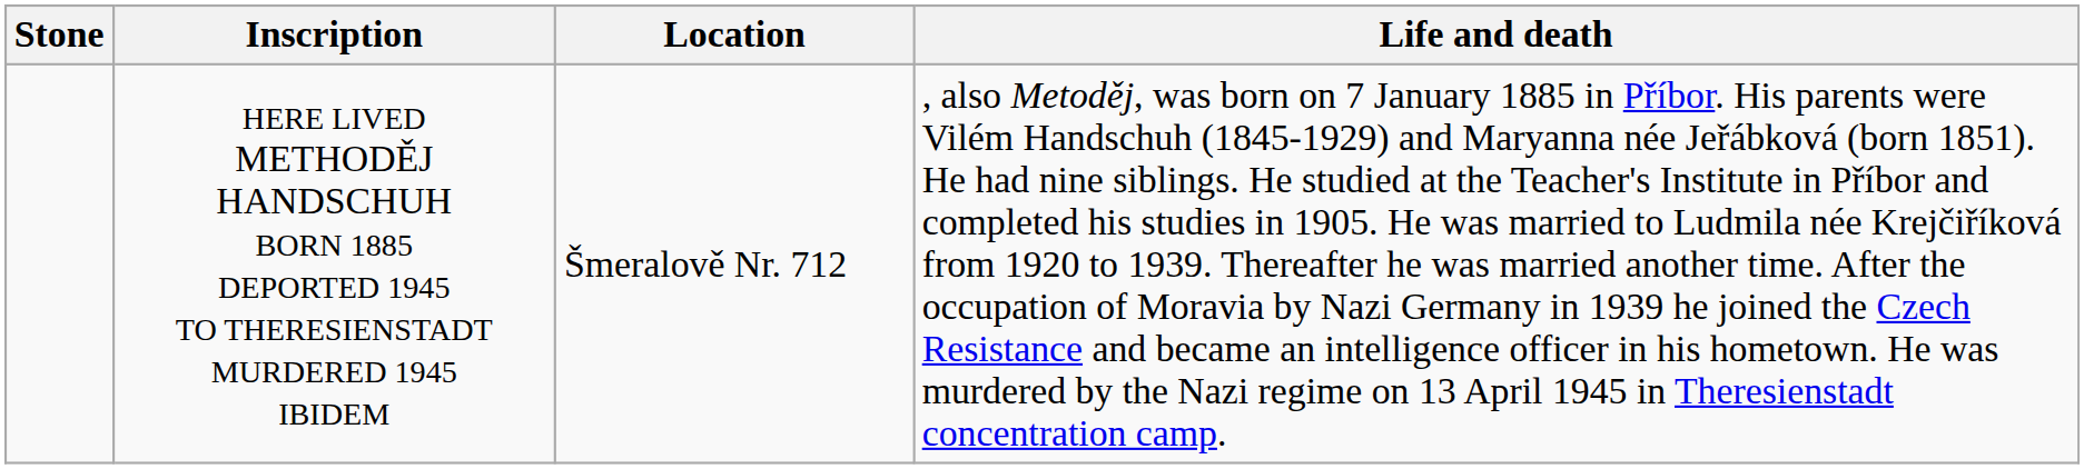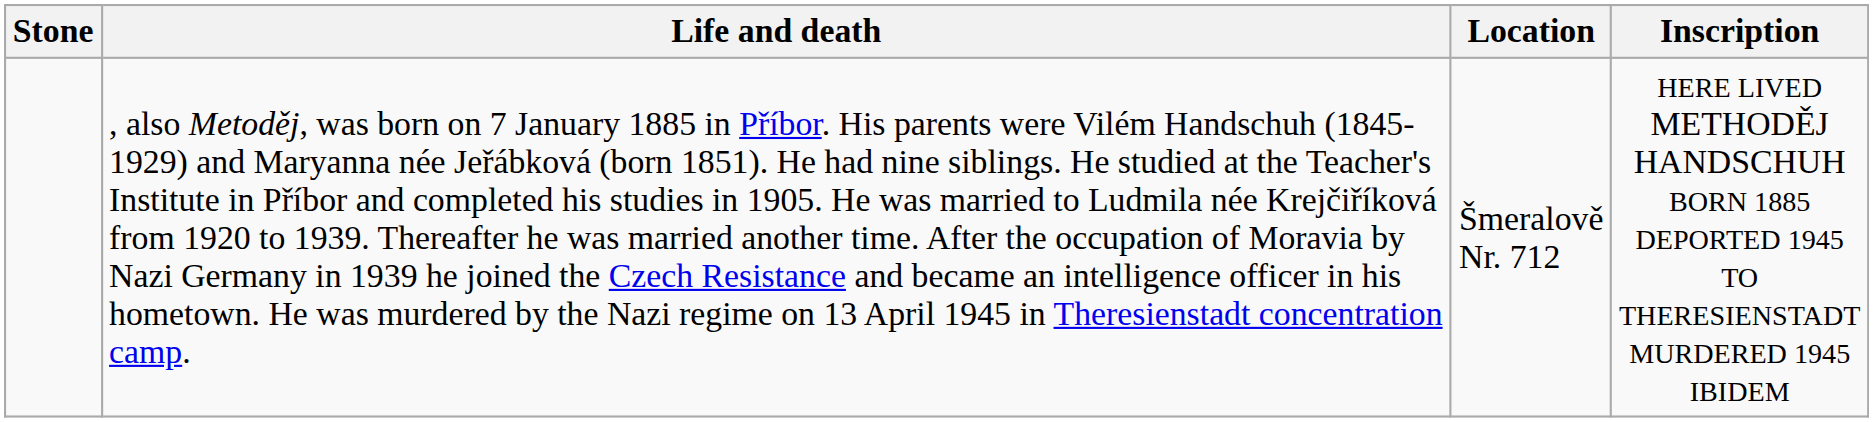 <table class="wikitable sortable toptextcells" style="width:100%">
 <tr>
 <th class="hintergrundfarbe6 unsortable" width="120px">Stone</th>
+<th class="hintergrundfarbe6" style="width:100%;">Life and death</th>
+<th class="hintergrundfarbe6" data-sort-type="text" style ="width:18%;">Location</th>
 <th class="hintergrundfarbe6 unsortable" style ="width:22%;">Inscription</th>
-<th class="hintergrundfarbe6" data-sort-type="text" style ="width:18%;">Location</th>
-<th class="hintergrundfarbe6" style="width:100%;">Life and death</th>
 </tr>
 <tr>
 <td></td>
+<td><strong></strong>, also <em>Metoděj</em>, was born on 7 January 1885 in <a href='#'>Příbor</a>. His parents were Vilém Handschuh (1845-1929) and Maryanna née  Jeřábková (born 1851). He had nine siblings. He studied at the Teacher's Institute in Příbor and completed his studies in 1905. He was married to Ludmila née Krejčiříková from 1920 to 1939. Thereafter he was married another time. After the occupation of Moravia by Nazi Germany in 1939 he joined the <a href='#'>Czech Resistance</a> and became an intelligence officer in his hometown. He was murdered by the Nazi regime on 13 April 1945 in <a href='#'>Theresienstadt concentration camp</a>.</td>
+<td>Šmeralově Nr. 712</td>
 <td style="text-align:center"><div><small>HERE LIVED</small><br>METHODĚJ HANDSCHUH<br><small>BORN 1885<br>DEPORTED 1945<br>TO THERESIENSTADT<br>MURDERED 1945<br>IBIDEM</small></div></td>
-<td>Šmeralově Nr. 712</td>
-<td><strong></strong>, also <em>Metoděj</em>, was born on 7 January 1885 in <a href='#'>Příbor</a>. His parents were Vilém Handschuh (1845-1929) and Maryanna née  Jeřábková (born 1851). He had nine siblings. He studied at the Teacher's Institute in Příbor and completed his studies in 1905. He was married to Ludmila née Krejčiříková from 1920 to 1939. Thereafter he was married another time. After the occupation of Moravia by Nazi Germany in 1939 he joined the <a href='#'>Czech Resistance</a> and became an intelligence officer in his hometown. He was murdered by the Nazi regime on 13 April 1945 in <a href='#'>Theresienstadt concentration camp</a>.</td>
 </tr>
 </table>
